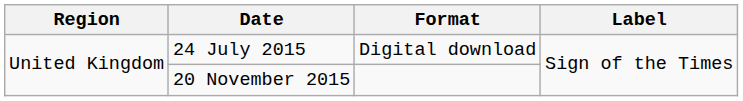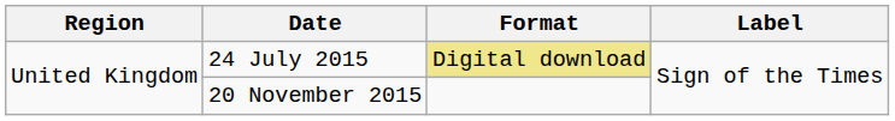 <table class=wikitable>
 <tr>
 <th>Region</th>
 <th>Date</th>
 <th>Format</th>
 <th>Label</th>
 </tr>
 <tr>
 <td rowspan="2">United Kingdom</td>
 <td>24 July 2015</td>
-<td>Digital download</td>
+<td style="background: khaki;">Digital download</td>
 <td rowspan="2">Sign of the Times</td>
 </tr>
 <tr>
 <td>20 November 2015</td>
 <td></td>
 </tr>
 </table>
